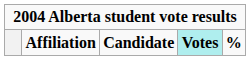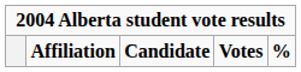 <table class="wikitable">
 <tr>
 <td colspan="5" align="center"><strong>2004 Alberta student vote results</strong></td>
 </tr>
 <tr>
 <th style="width: 10px;"></th>
 <td><strong>Affiliation</strong></td>
 <td><strong>Candidate</strong></td>
-<td style="background: paleturquoise;"><strong>Votes</strong></td>
+<td><strong>Votes</strong></td>
 <td><strong>%</strong><br>     </td>
 </tr>
 </table>
